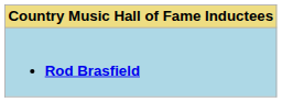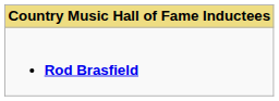 <table class="wikitable">
 <tr>
 <th style="background:#EEDD82; width=50%">Country Music Hall of Fame Inductees</th>
 </tr>
 <tr>
-<td valign="top" style="background: lightblue;"><br><ul><li><strong><a href='#'>Rod Brasfield</a></strong></li></ul></td>
+<td valign="top"><br><ul><li><strong><a href='#'>Rod Brasfield</a></strong></li></ul></td>
 </tr>
 </table>
